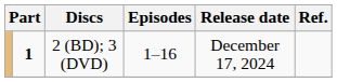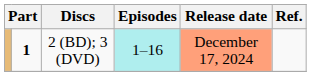 <table class="wikitable" style="text-align: center; width: 50%;">
 <tr>
 <th colspan="2">Part</th>
 <th>Discs</th>
 <th>Episodes</th>
 <th>Release date</th>
 <th>Ref.</th>
 </tr>
 <tr>
 <td rowspan="1" width="1%" style="background: #E7BB77;"></td>
 <td><strong>1</strong></td>
 <td>2 (BD); 3 (DVD)</td>
-<td>1–16</td>
-<td>December 17, 2024</td>
+<td style="background: paleturquoise;">1–16</td>
+<td style="background: lightsalmon;">December 17, 2024</td>
 <td></td>
 </tr>
 <tr>
 </tr>
 </table>
